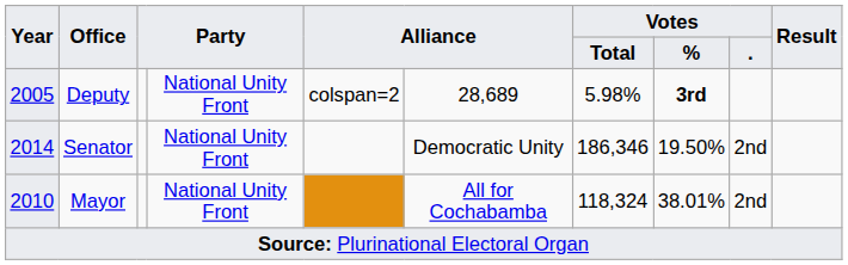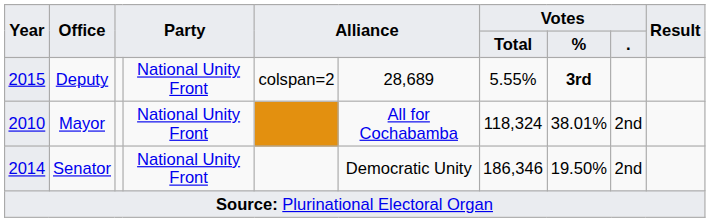 <table class="wikitable" style="font-size:90%; text-align:center;">
 <tr>
 <th style="background-color:#EAECF0;" rowspan=2>Year</th>
 <th style="background-color:#EAECF0;" rowspan=2>Office</th>
 <th style="background-color:#EAECF0;" colspan=2 rowspan=2>Party</th>
 <th style="background-color:#EAECF0;" colspan=2 rowspan=2>Alliance</th>
 <th style="background-color:#EAECF0;" colspan=3>Votes</th>
 <th style="background-color:#EAECF0;" rowspan=2>Result</th>
 </tr>
 <tr>
 <th style="background-color:#EAECF0;">Total</th>
 <th style="background-color:#EAECF0;">%</th>
 <th style="background-color:#EAECF0;">.</th>
 </tr>
 <tr>
-<td style="background-color:#EAECF0;"><a href='#'>2005</a></td>
+<td style="background-color:#EAECF0;"><a href='#'>2015</a></td>
 <td><a href='#'>Deputy</a></td>
 <td style="background-color:"></td>
 <td><a href='#'>National Unity Front</a></td>
 <td>colspan=2 </td>
 <td>28,689</td>
-<td>5.98%</td>
+<td>5.55%</td>
 <td><strong>3rd</strong></td>
+<td></td>
+</tr>
+<tr>
+<td style="background-color:#EAECF0;"><a href='#'>2010</a></td>
+<td><a href='#'>Mayor</a></td>
+<td style="background-color:"></td>
+<td><a href='#'>National Unity Front</a></td>
+<td style="background-color:#E3900F;"></td>
+<td><a href='#'>All for Cochabamba</a></td>
+<td>118,324</td>
+<td>38.01%</td>
+<td>2nd</td>
 <td></td>
 </tr>
 <tr>
 <td style="background-color:#EAECF0;"><a href='#'>2014</a></td>
 <td><a href='#'>Senator</a></td>
 <td style="background-color:"></td>
 <td><a href='#'>National Unity Front</a></td>
 <td style="background-color:"></td>
 <td>Democratic Unity</td>
 <td>186,346</td>
 <td>19.50%</td>
 <td>2nd</td>
 <td></td>
 </tr>
 <tr>
-<td style="background-color:#EAECF0;"><a href='#'>2010</a></td>
-<td><a href='#'>Mayor</a></td>
-<td style="background-color:"></td>
-<td><a href='#'>National Unity Front</a></td>
-<td style="background-color:#E3900F;"></td>
-<td><a href='#'>All for Cochabamba</a></td>
-<td>118,324</td>
-<td>38.01%</td>
-<td>2nd</td>
-<td></td>
-</tr>
-<tr>
 <td style="background-color:#EAECF0;" colspan=10><strong>Source:</strong> <a href='#'>Plurinational Electoral Organ</a>  </td>
 </tr>
 </table>
